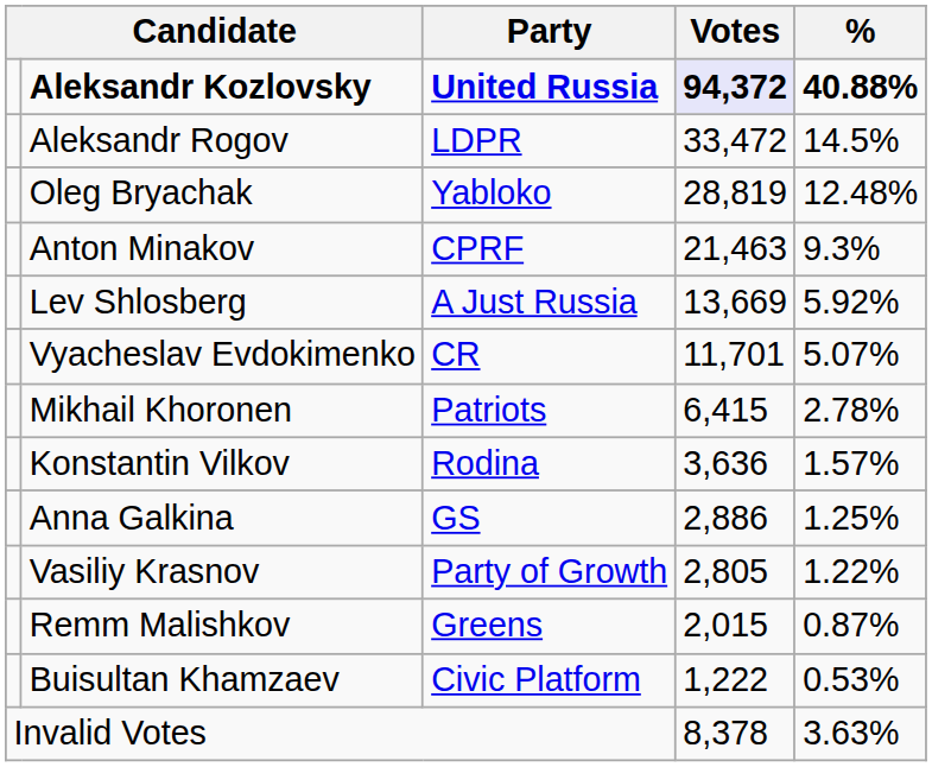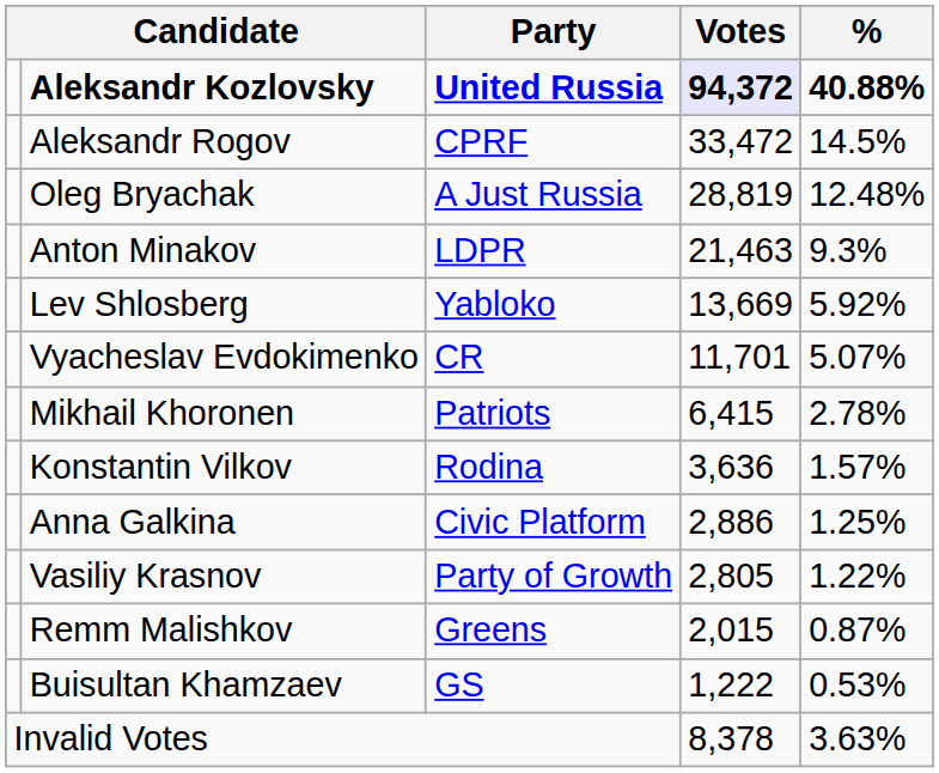 <table class="wikitable Sortable">
 <tr>
 <th colspan="2">Candidate</th>
 <th>Party</th>
 <th>Votes</th>
 <th>%</th>
 </tr>
 <tr>
 <td style="background-color: "></td>
 <td><strong>Aleksandr Kozlovsky</strong></td>
 <td><strong><a href='#'>United Russia</a></strong></td>
 <td style="background: lavender;"><strong>94,372</strong></td>
 <td><strong>40.88%</strong></td>
 </tr>
 <tr>
 <td style="background-color: "></td>
 <td>Aleksandr Rogov</td>
-<td><a href='#'>LDPR</a></td>
+<td><a href='#'>CPRF</a></td>
 <td>33,472</td>
 <td>14.5%</td>
 </tr>
 <tr>
 <td style="background-color: "></td>
 <td>Oleg Bryachak</td>
-<td><a href='#'>Yabloko</a></td>
+<td><a href='#'>A Just Russia</a></td>
 <td>28,819</td>
 <td>12.48%</td>
 </tr>
 <tr>
 <td style="background-color: "></td>
 <td>Anton Minakov</td>
-<td><a href='#'>CPRF</a></td>
+<td><a href='#'>LDPR</a></td>
 <td>21,463</td>
 <td>9.3%</td>
 </tr>
 <tr>
 <td style="background-color: "></td>
 <td>Lev Shlosberg</td>
-<td><a href='#'>A Just Russia</a></td>
+<td><a href='#'>Yabloko</a></td>
 <td>13,669</td>
 <td>5.92%</td>
 </tr>
 <tr>
 <td style="background-color: "></td>
 <td>Vyacheslav Evdokimenko</td>
 <td><a href='#'>CR</a></td>
 <td>11,701</td>
 <td>5.07%</td>
 </tr>
 <tr>
 <td style="background-color: "></td>
 <td>Mikhail Khoronen</td>
 <td><a href='#'>Patriots</a></td>
 <td>6,415</td>
 <td>2.78%</td>
 </tr>
 <tr>
 <td style="background-color: "></td>
 <td>Konstantin Vilkov</td>
 <td><a href='#'>Rodina</a></td>
 <td>3,636</td>
 <td>1.57%</td>
 </tr>
 <tr>
 <td style="background-color: "></td>
 <td>Anna Galkina</td>
-<td><a href='#'>GS</a></td>
+<td><a href='#'>Civic Platform</a></td>
 <td>2,886</td>
 <td>1.25%</td>
 </tr>
 <tr>
 <td style="background-color: "></td>
 <td>Vasiliy Krasnov</td>
 <td><a href='#'>Party of Growth</a></td>
 <td>2,805</td>
 <td>1.22%</td>
 </tr>
 <tr>
 <td style="background-color: "></td>
 <td>Remm Malishkov</td>
 <td><a href='#'>Greens</a></td>
 <td>2,015</td>
 <td>0.87%</td>
 </tr>
 <tr>
 <td style="background-color: "></td>
 <td>Buisultan Khamzaev</td>
-<td><a href='#'>Civic Platform</a></td>
+<td><a href='#'>GS</a></td>
 <td>1,222</td>
 <td>0.53%</td>
 </tr>
 <tr>
 <td colspan="3">Invalid Votes</td>
 <td>8,378</td>
 <td>3.63%</td>
 </tr>
 </table>
